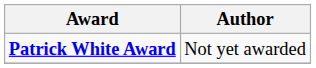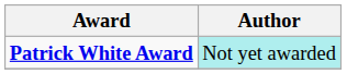 <table class="wikitable">
 <tr>
 <th>Award</th>
 <th>Author</th>
 </tr>
 <tr>
 <td><strong><a href='#'>Patrick White Award</a></strong></td>
-<td>Not yet awarded</td>
+<td style="background: paleturquoise;">Not yet awarded</td>
 </tr>
 <tr>
 </tr>
 </table>
